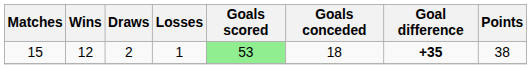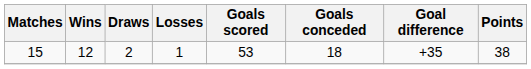 <table class="wikitable" | style="text-align:center;">
 <tr>
 <th>Matches</th>
 <th>Wins</th>
 <th>Draws</th>
 <th>Losses</th>
 <th>Goals scored</th>
 <th>Goals conceded</th>
 <th>Goal difference</th>
 <th>Points</th>
 </tr>
 <tr>
 <td>15</td>
 <td>12</td>
 <td>2</td>
 <td>1</td>
-<td style="background: lightgreen;">53</td>
+<td>53</td>
 <td>18</td>
-<td><strong>+35</strong></td>
+<td>+35</td>
 <td>38</td>
 </tr>
 <tr>
 </tr>
 </table>
